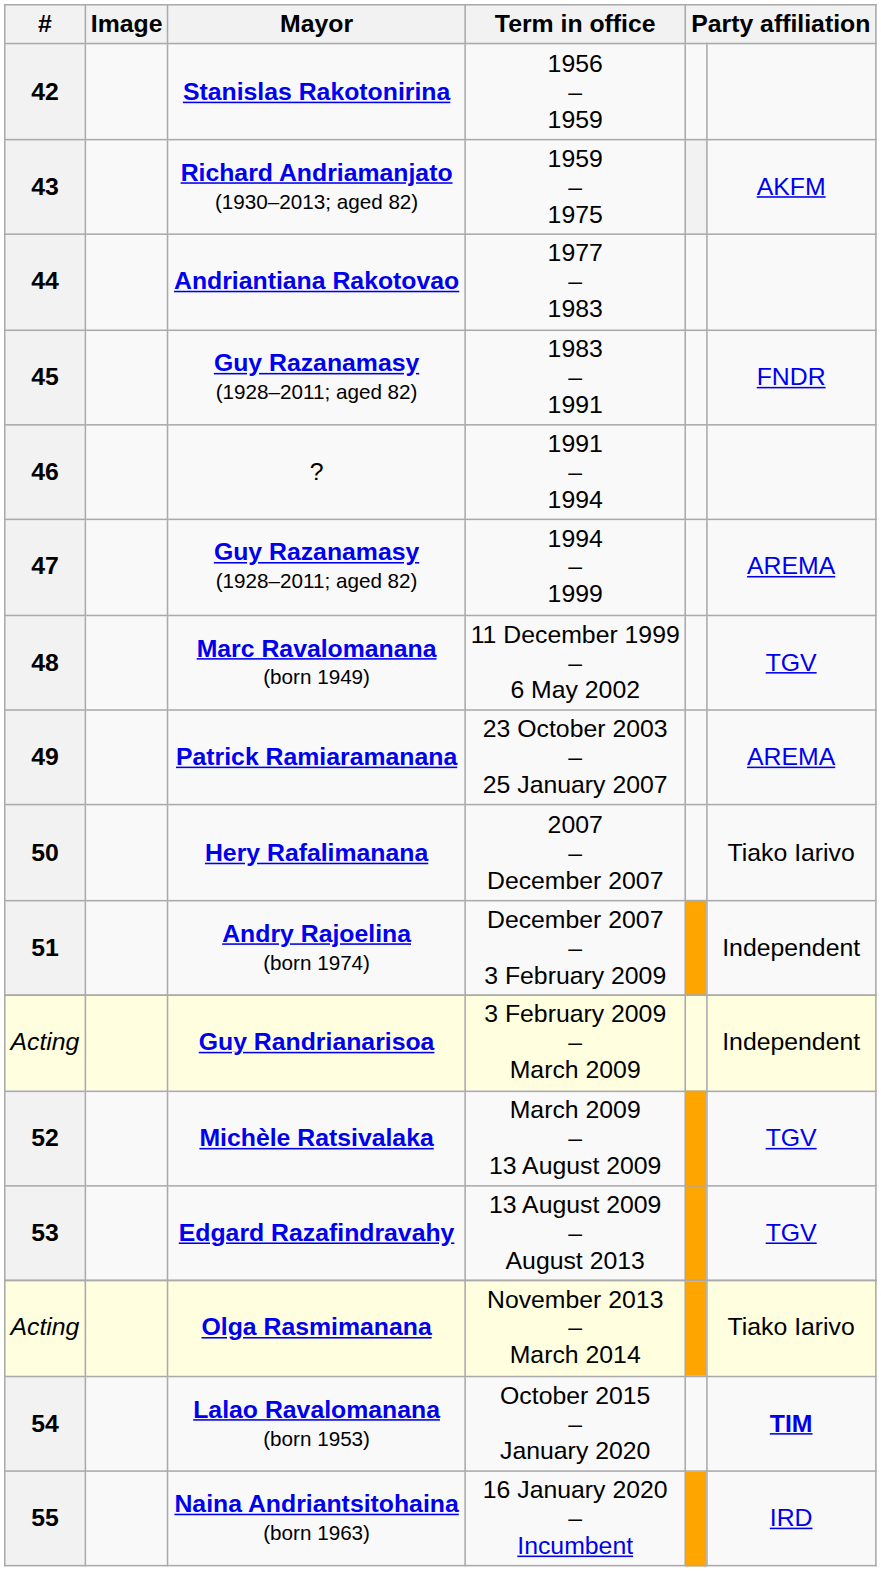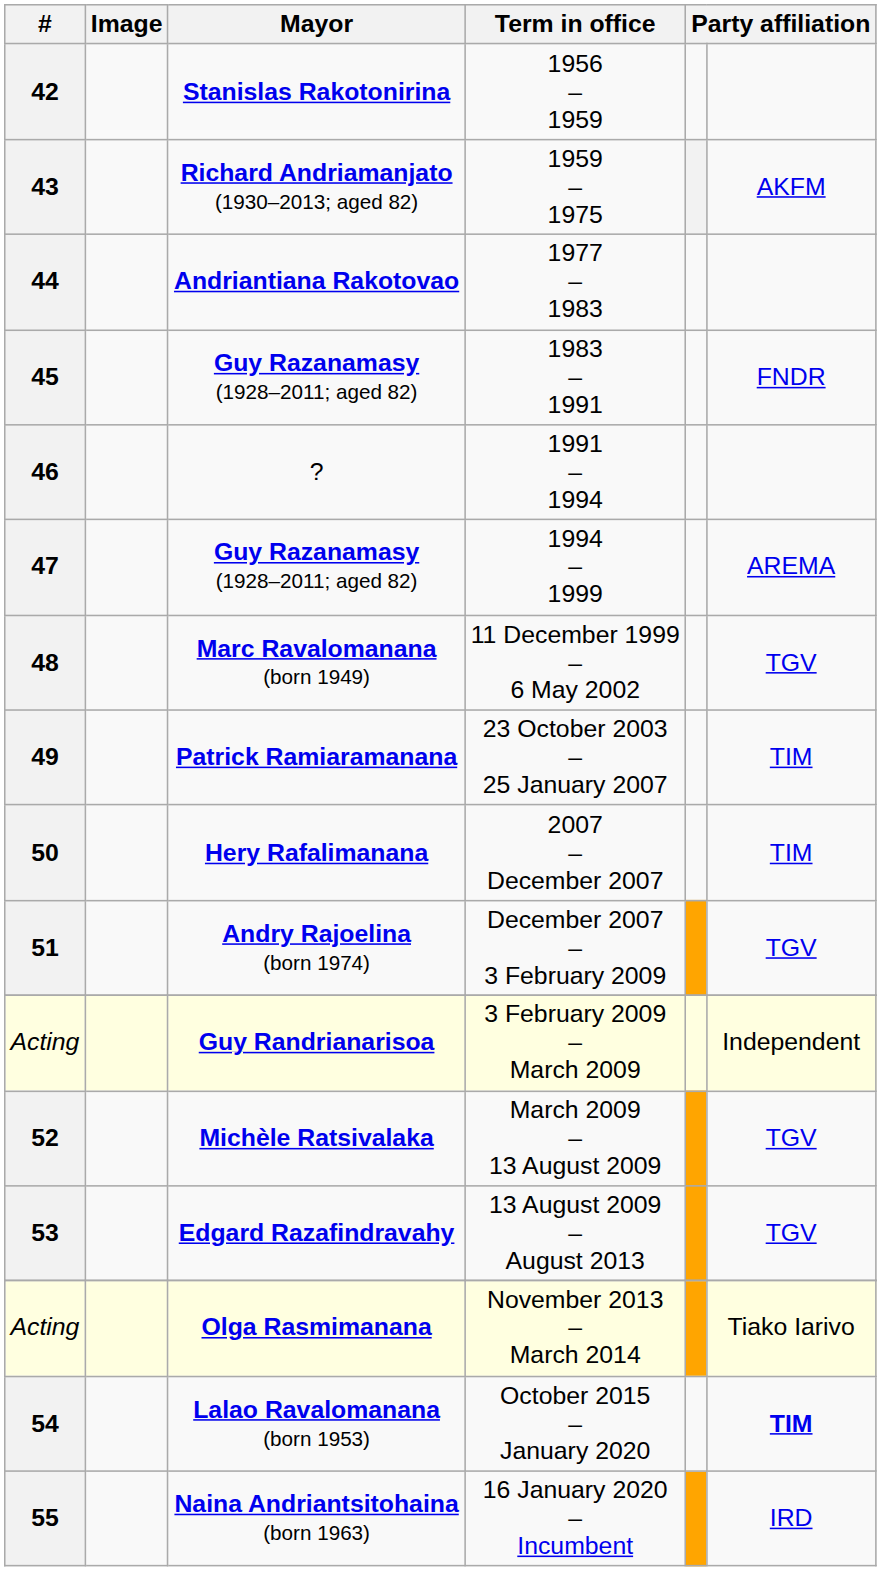 <table class="wikitable" style="text-align: center;">
 <tr>
 <th>#</th>
 <th>Image</th>
 <th>Mayor</th>
 <th>Term in office</th>
 <th colspan="2">Party affiliation</th>
 </tr>
 <tr>
 <th>42</th>
 <td></td>
 <td><strong><a href='#'>Stanislas Rakotonirina</a></strong></td>
 <td><span>1956</span><br>–<br><span>1959</span></td>
 <td></td>
 <td></td>
 </tr>
 <tr>
 <th>43</th>
 <td></td>
 <td><strong><a href='#'>Richard Andriamanjato</a></strong><br><small>(1930–2013; aged 82)</small></td>
 <td><span>1959</span><br>–<br><span>1975</span></td>
 <th style="background:"> </th>
 <td><a href='#'>AKFM</a></td>
 </tr>
 <tr>
 <th>44</th>
 <td></td>
 <td><strong><a href='#'>Andriantiana Rakotovao</a></strong></td>
 <td><span>1977</span><br>–<br><span>1983</span></td>
 <td></td>
 <td></td>
 </tr>
 <tr>
 <th>45</th>
 <td></td>
 <td><strong><a href='#'>Guy Razanamasy</a></strong><br><small>(1928–2011; aged 82)</small></td>
 <td><span>1983</span><br>–<br><span>1991</span></td>
 <td style="background:"> </td>
 <td><a href='#'>FNDR</a></td>
 </tr>
 <tr>
 <th>46</th>
 <td></td>
 <td>?</td>
 <td>1991<br> –<br>1994</td>
 <td></td>
 <td></td>
 </tr>
 <tr>
 <th>47</th>
 <td></td>
 <td><strong><a href='#'>Guy Razanamasy</a></strong><br><small>(1928–2011; aged 82)</small></td>
 <td><span>1994</span><br>–<br><span>1999</span></td>
 <td style="background:"> </td>
 <td><a href='#'>AREMA</a></td>
 </tr>
 <tr>
 <th>48</th>
 <td></td>
 <td><strong><a href='#'>Marc Ravalomanana</a></strong><br><small>(born 1949)</small></td>
 <td><span>11 December 1999</span><br>–<br><span>6 May 2002</span></td>
 <td style="background:"> </td>
 <td><a href='#'>TGV</a></td>
 </tr>
 <tr>
 <th>49</th>
 <td></td>
 <td><strong><a href='#'>Patrick Ramiaramanana</a></strong></td>
 <td><span>23 October 2003</span><br>–<br><span>25 January 2007</span></td>
 <td style="background:"> </td>
-<td><a href='#'>AREMA</a></td>
+<td><a href='#'>TIM</a></td>
 </tr>
 <tr>
 <th>50</th>
 <td></td>
 <td><strong><a href='#'>Hery Rafalimanana</a></strong></td>
 <td><span>2007</span><br>–<br><span>December 2007</span></td>
 <td style="background:"> </td>
-<td>Tiako Iarivo</td>
+<td><a href='#'>TIM</a></td>
 </tr>
 <tr>
 <th>51</th>
 <td></td>
 <td><strong><a href='#'>Andry Rajoelina</a></strong><br><small>(born 1974)</small></td>
 <td><span>December 2007</span><br>–<br><span>3 February 2009</span></td>
 <th style="background: Orange;” "></th>
-<td>Independent</td>
+<td><a href='#'>TGV</a></td>
 </tr>
 <tr>
 </tr>
 <tr style="background:lightyellow">
 <td><em>Acting</em></td>
 <td></td>
 <td><strong><a href='#'>Guy Randrianarisoa</a></strong></td>
 <td><span>3 February 2009</span><br>–<br><span>March 2009</span><br></td>
 <td style="background:"> </td>
 <td>Independent</td>
 </tr>
 <tr>
 <th>52</th>
 <td></td>
 <td><strong><a href='#'>Michèle Ratsivalaka</a></strong></td>
 <td><span>March 2009</span><br>–<br><span>13 August 2009</span></td>
 <th style="background: Orange;” "></th>
 <td><a href='#'>TGV</a></td>
 </tr>
 <tr>
 <th>53</th>
 <td></td>
 <td><strong><a href='#'>Edgard Razafindravahy</a></strong></td>
 <td><span>13 August 2009</span><br>–<br><span>August 2013</span></td>
 <th style="background: Orange;” "></th>
 <td><a href='#'>TGV</a></td>
 </tr>
 <tr>
 </tr>
 <tr style="background:lightyellow">
 <td><em>Acting</em></td>
 <td></td>
 <td><strong><a href='#'>Olga Rasmimanana</a></strong></td>
 <td><span>November 2013</span><br>–<br><span>March 2014</span></td>
 <th style="background: Orange;” "></th>
 <td>Tiako Iarivo</td>
 </tr>
 <tr>
 <th>54</th>
 <td></td>
 <td><strong><a href='#'>Lalao Ravalomanana</a></strong><br><small>(born 1953)</small></td>
 <td><span>October 2015</span><br>–<br><span>January 2020</span></td>
 <td style="background:"> </td>
 <td><strong><a href='#'>TIM</a></strong></td>
 </tr>
 <tr>
 <th>55</th>
 <td></td>
 <td><strong><a href='#'>Naina Andriantsitohaina</a></strong><br><small>(born 1963)</small></td>
 <td><span>16 January 2020</span><br>–<br><span><a href='#'>Incumbent</a></span></td>
 <td style="background: Orange;” "> </td>
 <td><a href='#'>IRD</a></td>
 </tr>
 </table>
